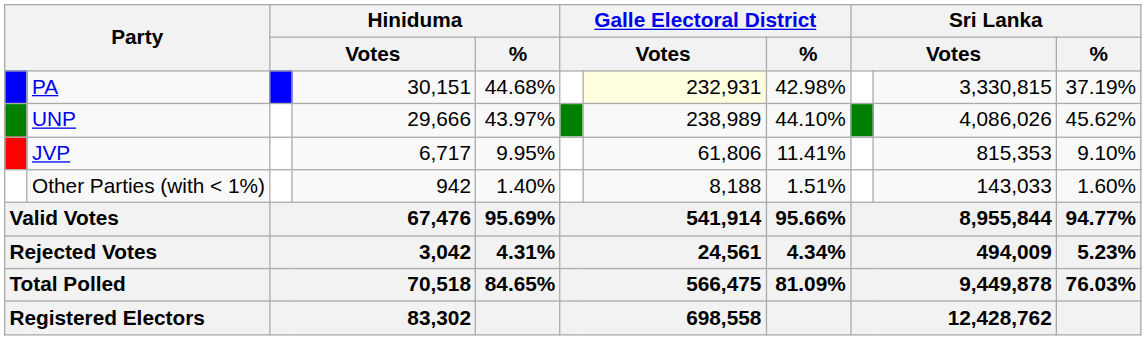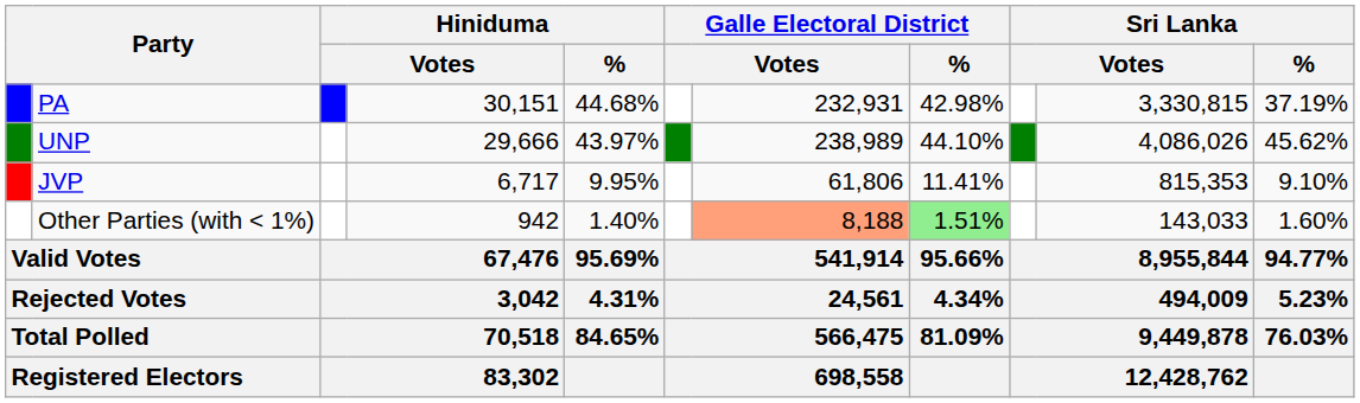 <table class="wikitable">
 <tr>
 <th colspan="2" width="144px"rowspan="2">Party</th>
 <th colspan="3" width="216px">Hiniduma</th>
 <th colspan="3" width="216px"><a href='#'>Galle Electoral District</a></th>
 <th colspan="3" width="216px">Sri Lanka</th>
 </tr>
 <tr>
 <th colspan="2" width="144px">Votes</th>
 <th>%</th>
 <th colspan="2" width="144px">Votes</th>
 <th>%</th>
 <th colspan="2" width="144px">Votes</th>
 <th>%</th>
 </tr>
 <tr>
 <td style="background-color:blue;" width="10px"></td>
 <td style="text-align:left;"><a href='#'>PA</a></td>
 <td style="background-color:blue;" width="10px"></td>
 <td style="text-align:right;">30,151</td>
 <td style="text-align:right;">44.68%</td>
 <td style="background-color:white;" width="10px"></td>
-<td style="background: lightyellow; text-align:right;">232,931</td>
+<td style="text-align:right;">232,931</td>
 <td style="text-align:right;">42.98%</td>
 <td style="background-color:white;" width="10px"></td>
 <td style="text-align:right;">3,330,815</td>
 <td style="text-align:right;">37.19%</td>
 </tr>
 <tr>
 <td style="background-color:green;" width="10px"></td>
 <td style="text-align:left;"><a href='#'>UNP</a></td>
 <td style="background-color:white;" width="10px"></td>
 <td style="text-align:right;">29,666</td>
 <td style="text-align:right;">43.97%</td>
 <td style="background-color:green;" width="10px"></td>
 <td style="text-align:right;">238,989</td>
 <td style="text-align:right;">44.10%</td>
 <td style="background-color:green;" width="10px"></td>
 <td style="text-align:right;">4,086,026</td>
 <td style="text-align:right;">45.62%</td>
 </tr>
 <tr>
 <td style="background-color:red;" width="10px"></td>
 <td style="text-align:left;"><a href='#'>JVP</a></td>
 <td style="background-color:white;" width="10px"></td>
 <td style="text-align:right;">6,717</td>
 <td style="text-align:right;">9.95%</td>
 <td style="background-color:white;" width="10px"></td>
 <td style="text-align:right;">61,806</td>
 <td style="text-align:right;">11.41%</td>
 <td style="background-color:white;" width="10px"></td>
 <td style="text-align:right;">815,353</td>
 <td style="text-align:right;">9.10%</td>
 </tr>
 <tr>
 <td style="background-color:white;" width="10px"></td>
 <td style="text-align:left;">Other Parties (with < 1%)</td>
 <td style="background-color:white;" width="10px"></td>
 <td style="text-align:right;">942</td>
 <td style="text-align:right;">1.40%</td>
 <td style="background-color:white;" width="10px"></td>
-<td style="text-align:right;">8,188</td>
-<td style="text-align:right;">1.51%</td>
+<td style="background: lightsalmon; text-align:right;">8,188</td>
+<td style="background: lightgreen; text-align:right;">1.51%</td>
 <td style="background-color:white;" width="10px"></td>
 <td style="text-align:right;">143,033</td>
 <td style="text-align:right;">1.60%</td>
 </tr>
 <tr>
 <th colspan="2" width="144px"style="text-align:left;">Valid Votes</th>
 <th style="text-align:right;"colspan="2" width="144px">67,476</th>
 <th style="text-align:right;">95.69%</th>
 <th style="text-align:right;"colspan="2" width="144px">541,914</th>
 <th style="text-align:right;">95.66%</th>
 <th style="text-align:right;"colspan="2" width="144px">8,955,844</th>
 <th style="text-align:right;">94.77%</th>
 </tr>
 <tr>
 <th colspan="2" width="144px"style="text-align:left;">Rejected Votes</th>
 <th style="text-align:right;"colspan="2" width="144px">3,042</th>
 <th style="text-align:right;">4.31%</th>
 <th style="text-align:right;"colspan="2" width="144px">24,561</th>
 <th style="text-align:right;">4.34%</th>
 <th style="text-align:right;"colspan="2" width="144px">494,009</th>
 <th style="text-align:right;">5.23%</th>
 </tr>
 <tr>
 <th colspan="2" width="144px"style="text-align:left;">Total Polled</th>
 <th style="text-align:right;"colspan="2" width="144px">70,518</th>
 <th style="text-align:right;">84.65%</th>
 <th style="text-align:right;"colspan="2" width="144px">566,475</th>
 <th style="text-align:right;">81.09%</th>
 <th style="text-align:right;"colspan="2" width="144px">9,449,878</th>
 <th style="text-align:right;">76.03%</th>
 </tr>
 <tr>
 <th colspan="2" width="144px"style="text-align:left;">Registered Electors</th>
 <th style="text-align:right;"colspan="2" width="144px">83,302</th>
 <th></th>
 <th style="text-align:right;"colspan="2" width="144px">698,558</th>
 <th></th>
 <th style="text-align:right;"colspan="2" width="144px">12,428,762</th>
 <th></th>
 </tr>
 </table>
